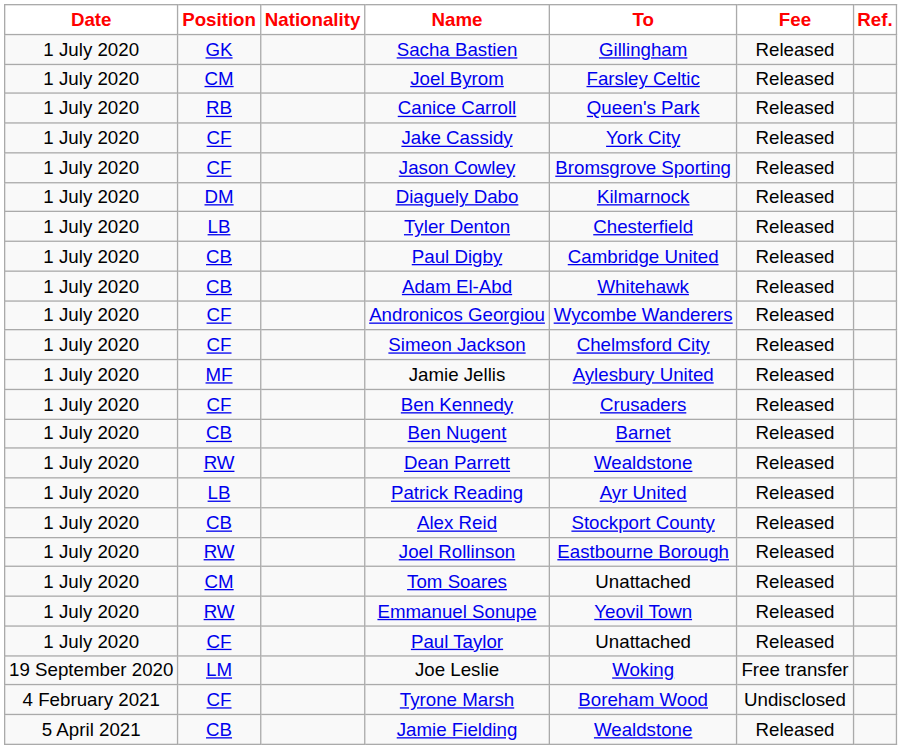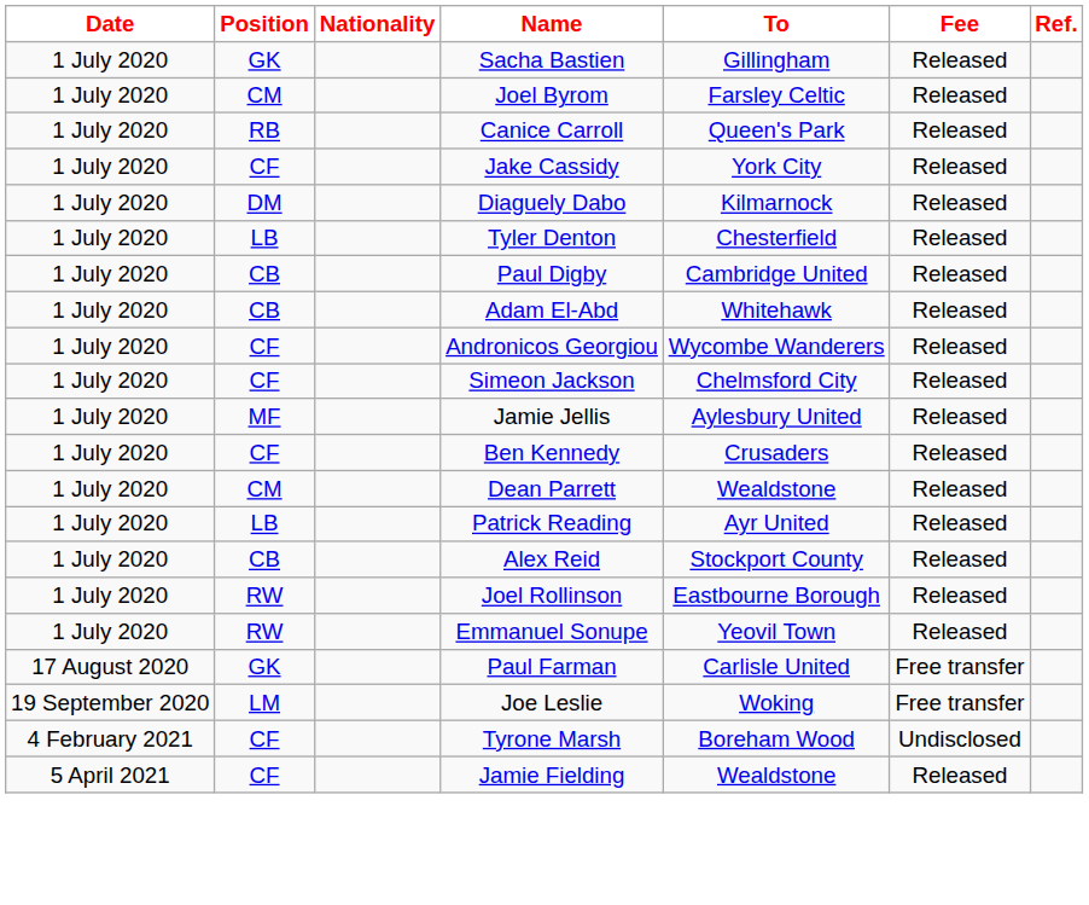 <table class="wikitable"  style="text-align:center; font-size:90%; ">
 <tr>
 <th style="background:white; color:red; ">Date</th>
 <th style="background:white; color:red; ">Position</th>
 <th style="background:white; color:red; ">Nationality</th>
 <th style="background:white; color:red; ">Name</th>
 <th style="background:white; color:red; ">To</th>
 <th style="background:white; color:red; ">Fee</th>
 <th style="background:white; color:red; ">Ref.</th>
 </tr>
 <tr>
 <td>1 July 2020</td>
 <td><a href='#'>GK</a></td>
 <td></td>
 <td><a href='#'>Sacha Bastien</a></td>
 <td> <a href='#'>Gillingham</a></td>
 <td>Released</td>
 <td></td>
 </tr>
 <tr>
 <td>1 July 2020</td>
 <td><a href='#'>CM</a></td>
 <td></td>
 <td><a href='#'>Joel Byrom</a></td>
 <td> <a href='#'>Farsley Celtic</a></td>
 <td>Released</td>
 <td></td>
 </tr>
 <tr>
 <td>1 July 2020</td>
 <td><a href='#'>RB</a></td>
 <td></td>
 <td><a href='#'>Canice Carroll</a></td>
 <td> <a href='#'>Queen's Park</a></td>
 <td>Released</td>
 <td></td>
 </tr>
 <tr>
 <td>1 July 2020</td>
 <td><a href='#'>CF</a></td>
 <td></td>
 <td><a href='#'>Jake Cassidy</a></td>
 <td> <a href='#'>York City</a></td>
-<td>Released</td>
-<td></td>
-</tr>
-<tr>
-<td>1 July 2020</td>
-<td><a href='#'>CF</a></td>
-<td></td>
-<td><a href='#'>Jason Cowley</a></td>
-<td> <a href='#'>Bromsgrove Sporting</a></td>
 <td>Released</td>
 <td></td>
 </tr>
 <tr>
 <td>1 July 2020</td>
 <td><a href='#'>DM</a></td>
 <td></td>
 <td><a href='#'>Diaguely Dabo</a></td>
 <td> <a href='#'>Kilmarnock</a></td>
 <td>Released</td>
 <td></td>
 </tr>
 <tr>
 <td>1 July 2020</td>
 <td><a href='#'>LB</a></td>
 <td></td>
 <td><a href='#'>Tyler Denton</a></td>
 <td> <a href='#'>Chesterfield</a></td>
 <td>Released</td>
 <td></td>
 </tr>
 <tr>
 <td>1 July 2020</td>
 <td><a href='#'>CB</a></td>
 <td></td>
 <td><a href='#'>Paul Digby</a></td>
 <td> <a href='#'>Cambridge United</a></td>
 <td>Released</td>
 <td></td>
 </tr>
 <tr>
 <td>1 July 2020</td>
 <td><a href='#'>CB</a></td>
 <td></td>
 <td><a href='#'>Adam El-Abd</a></td>
 <td> <a href='#'>Whitehawk</a></td>
 <td>Released</td>
 <td></td>
 </tr>
 <tr>
 <td>1 July 2020</td>
 <td><a href='#'>CF</a></td>
 <td></td>
 <td><a href='#'>Andronicos Georgiou</a></td>
 <td> <a href='#'>Wycombe Wanderers</a></td>
 <td>Released</td>
 <td></td>
 </tr>
 <tr>
 <td>1 July 2020</td>
 <td><a href='#'>CF</a></td>
 <td></td>
 <td><a href='#'>Simeon Jackson</a></td>
 <td> <a href='#'>Chelmsford City</a></td>
 <td>Released</td>
 <td></td>
 </tr>
 <tr>
 <td>1 July 2020</td>
 <td><a href='#'>MF</a></td>
 <td></td>
 <td>Jamie Jellis</td>
 <td> <a href='#'>Aylesbury United</a></td>
 <td>Released</td>
 <td></td>
 </tr>
 <tr>
 <td>1 July 2020</td>
 <td><a href='#'>CF</a></td>
 <td></td>
 <td><a href='#'>Ben Kennedy</a></td>
 <td> <a href='#'>Crusaders</a></td>
 <td>Released</td>
 <td></td>
 </tr>
 <tr>
 <td>1 July 2020</td>
-<td><a href='#'>CB</a></td>
-<td></td>
-<td><a href='#'>Ben Nugent</a></td>
-<td> <a href='#'>Barnet</a></td>
-<td>Released</td>
-<td></td>
-</tr>
-<tr>
-<td>1 July 2020</td>
-<td><a href='#'>RW</a></td>
+<td><a href='#'>CM</a></td>
 <td></td>
 <td><a href='#'>Dean Parrett</a></td>
 <td> <a href='#'>Wealdstone</a></td>
 <td>Released</td>
 <td></td>
 </tr>
 <tr>
 <td>1 July 2020</td>
 <td><a href='#'>LB</a></td>
 <td></td>
 <td><a href='#'>Patrick Reading</a></td>
 <td> <a href='#'>Ayr United</a></td>
 <td>Released</td>
 <td></td>
 </tr>
 <tr>
 <td>1 July 2020</td>
 <td><a href='#'>CB</a></td>
 <td></td>
 <td><a href='#'>Alex Reid</a></td>
 <td> <a href='#'>Stockport County</a></td>
 <td>Released</td>
 <td></td>
 </tr>
 <tr>
 <td>1 July 2020</td>
 <td><a href='#'>RW</a></td>
 <td></td>
 <td><a href='#'>Joel Rollinson</a></td>
 <td> <a href='#'>Eastbourne Borough</a></td>
 <td>Released</td>
 <td></td>
 </tr>
 <tr>
 <td>1 July 2020</td>
-<td><a href='#'>CM</a></td>
-<td></td>
-<td><a href='#'>Tom Soares</a></td>
-<td> Unattached</td>
-<td>Released</td>
-<td></td>
-</tr>
-<tr>
-<td>1 July 2020</td>
 <td><a href='#'>RW</a></td>
 <td></td>
 <td><a href='#'>Emmanuel Sonupe</a></td>
 <td> <a href='#'>Yeovil Town</a></td>
 <td>Released</td>
 <td></td>
 </tr>
 <tr>
-<td>1 July 2020</td>
-<td><a href='#'>CF</a></td>
+<td>17 August 2020</td>
+<td><a href='#'>GK</a></td>
 <td></td>
-<td><a href='#'>Paul Taylor</a></td>
-<td> Unattached</td>
-<td>Released</td>
+<td><a href='#'>Paul Farman</a></td>
+<td> <a href='#'>Carlisle United</a></td>
+<td>Free transfer</td>
 <td></td>
 </tr>
 <tr>
 <td>19 September 2020</td>
 <td><a href='#'>LM</a></td>
 <td></td>
 <td>Joe Leslie</td>
 <td> <a href='#'>Woking</a></td>
 <td>Free transfer</td>
 <td></td>
 </tr>
 <tr>
 <td>4 February 2021</td>
 <td><a href='#'>CF</a></td>
 <td></td>
 <td><a href='#'>Tyrone Marsh</a></td>
 <td> <a href='#'>Boreham Wood</a></td>
 <td>Undisclosed</td>
 <td></td>
 </tr>
 <tr>
 <td>5 April 2021</td>
-<td><a href='#'>CB</a></td>
+<td><a href='#'>CF</a></td>
 <td></td>
 <td><a href='#'>Jamie Fielding</a></td>
 <td> <a href='#'>Wealdstone</a></td>
 <td>Released</td>
 <td></td>
 </tr>
 </table>
